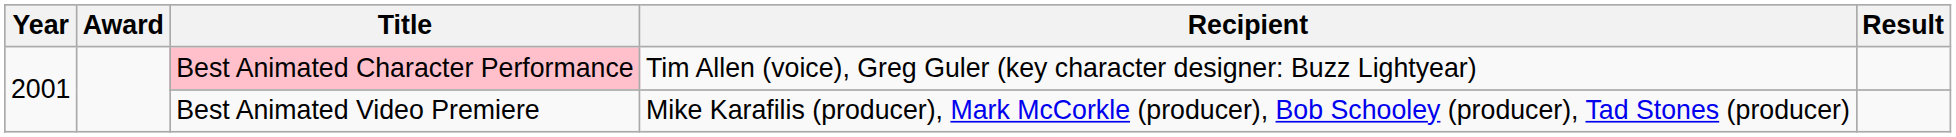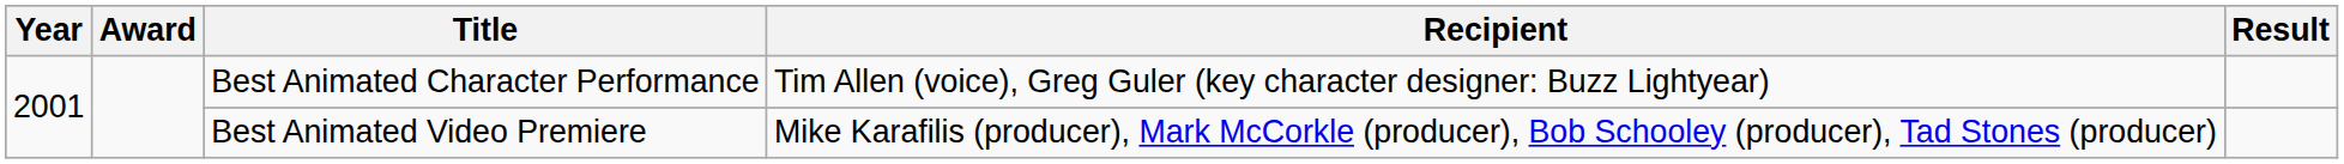 <table class="wikitable">
 <tr>
 <th>Year</th>
 <th>Award</th>
 <th>Title</th>
 <th>Recipient</th>
 <th>Result</th>
 </tr>
 <tr>
 <td rowspan = 2>2001</td>
 <td rowspan = 2></td>
-<td style="background: pink;">Best Animated Character Performance</td>
+<td>Best Animated Character Performance</td>
 <td>Tim Allen (voice), Greg Guler (key character designer: Buzz Lightyear)</td>
 <td></td>
 </tr>
 <tr>
 <td>Best Animated Video Premiere</td>
 <td>Mike Karafilis (producer), <a href='#'>Mark McCorkle</a> (producer), <a href='#'>Bob Schooley</a> (producer), <a href='#'>Tad Stones</a> (producer)</td>
 <td></td>
 </tr>
 </table>
